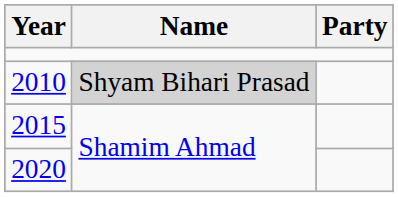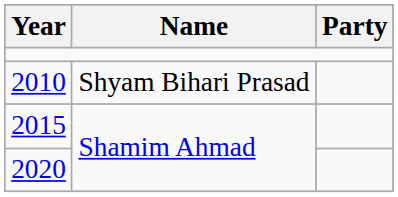 <table class="wikitable sortable">
 <tr>
 <th>Year</th>
 <th>Name</th>
 <th colspan="2">Party</th>
 </tr>
 <tr>
 <td colspan="4"></td>
 </tr>
 <tr>
 <td><a href='#'>2010</a></td>
-<td style="background: lightgrey;">Shyam Bihari Prasad</td>
+<td>Shyam Bihari Prasad</td>
 <td></td>
 </tr>
 <tr>
 <td><a href='#'>2015</a></td>
 <td rowspan="2"><a href='#'>Shamim Ahmad</a></td>
 <td></td>
 </tr>
 <tr>
 <td><a href='#'>2020</a></td>
 </tr>
 </table>
